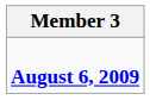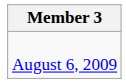 <table class=wikitable align=right>
 <tr>
 <th>Member 3</th>
 </tr>
 <tr>
-<td><strong><br><a href='#'>August 6, 2009</a></strong></td>
+<td><br><a href='#'>August 6, 2009</a></td>
 </tr>
 </table>
